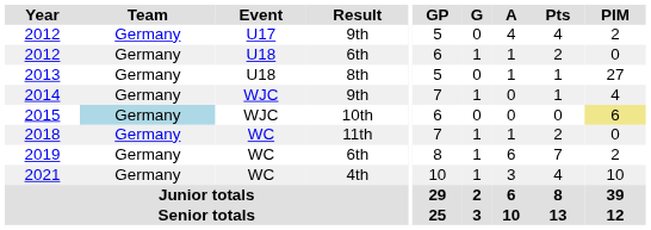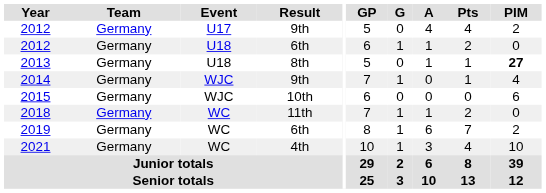 <table border="0" cellpadding="1" cellspacing="0" ID="Table3" style="text-align:center; width:40em">
 <tr ALIGN="center" bgcolor="#e0e0e0">
 <th>Year</th>
 <th>Team</th>
 <th>Event</th>
 <th>Result</th>
 <th rowspan="99" bgcolor="#ffffff"></th>
 <th>GP</th>
 <th>G</th>
 <th>A</th>
 <th>Pts</th>
 <th>PIM</th>
 </tr>
 <tr>
 <td><a href='#'>2012</a></td>
 <td><a href='#'>Germany</a></td>
 <td><a href='#'>U17</a></td>
 <td>9th</td>
 <td>5</td>
 <td>0</td>
 <td>4</td>
 <td>4</td>
 <td>2</td>
 </tr>
 <tr bgcolor="#f0f0f0">
 <td><a href='#'>2012</a></td>
 <td>Germany</td>
 <td><a href='#'>U18</a></td>
 <td>6th</td>
 <td>6</td>
 <td>1</td>
 <td>1</td>
 <td>2</td>
 <td>0</td>
 </tr>
 <tr>
 <td><a href='#'>2013</a></td>
 <td>Germany</td>
 <td>U18</td>
 <td>8th</td>
 <td>5</td>
 <td>0</td>
 <td>1</td>
 <td>1</td>
-<td>27</td>
+<td><strong>27</strong></td>
 </tr>
 <tr bgcolor="#f0f0f0">
 <td><a href='#'>2014</a></td>
 <td>Germany</td>
 <td><a href='#'>WJC</a></td>
 <td>9th</td>
 <td>7</td>
 <td>1</td>
 <td>0</td>
 <td>1</td>
 <td>4</td>
 </tr>
 <tr>
 <td><a href='#'>2015</a></td>
-<td style="background: lightblue;">Germany</td>
+<td>Germany</td>
 <td>WJC</td>
 <td>10th</td>
 <td>6</td>
 <td>0</td>
 <td>0</td>
 <td>0</td>
-<td style="background: khaki;">6</td>
+<td>6</td>
 </tr>
 <tr bgcolor="#f0f0f0">
 <td><a href='#'>2018</a></td>
 <td><a href='#'>Germany</a></td>
 <td><a href='#'>WC</a></td>
 <td>11th</td>
 <td>7</td>
 <td>1</td>
 <td>1</td>
 <td>2</td>
 <td>0</td>
 </tr>
 <tr>
 <td><a href='#'>2019</a></td>
 <td>Germany</td>
 <td>WC</td>
 <td>6th</td>
 <td>8</td>
 <td>1</td>
 <td>6</td>
 <td>7</td>
 <td>2</td>
 </tr>
 <tr bgcolor="#f0f0f0">
 <td><a href='#'>2021</a></td>
 <td>Germany</td>
 <td>WC</td>
 <td>4th</td>
 <td>10</td>
 <td>1</td>
 <td>3</td>
 <td>4</td>
 <td>10</td>
 </tr>
 <tr bgcolor="#e0e0e0">
 <th colspan="4">Junior totals</th>
 <th>29</th>
 <th>2</th>
 <th>6</th>
 <th>8</th>
 <th>39</th>
 </tr>
 <tr bgcolor="#e0e0e0">
 <th colspan="4">Senior totals</th>
 <th>25</th>
 <th>3</th>
 <th>10</th>
 <th>13</th>
 <th>12</th>
 </tr>
 </table>
